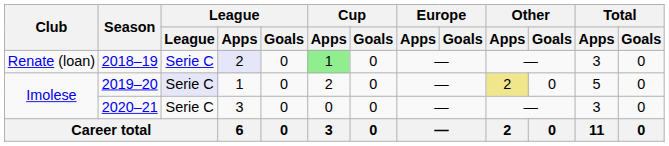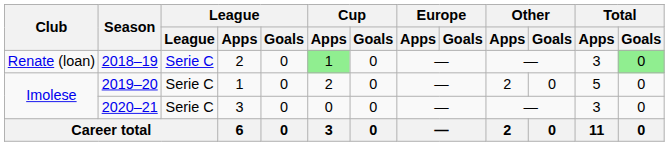 <table class="wikitable" style="text-align: center;">
 <tr>
 <th rowspan="2">Club</th>
 <th rowspan="2">Season</th>
 <th colspan="3">League</th>
 <th colspan="2">Cup</th>
 <th colspan="2">Europe</th>
 <th colspan="2">Other</th>
 <th colspan="2">Total</th>
 </tr>
 <tr>
 <th>League</th>
 <th>Apps</th>
 <th>Goals</th>
 <th>Apps</th>
 <th>Goals</th>
 <th>Apps</th>
 <th>Goals</th>
 <th>Apps</th>
 <th>Goals</th>
 <th>Apps</th>
 <th>Goals</th>
 </tr>
 <tr>
 <td><a href='#'>Renate</a> (loan)</td>
 <td><a href='#'>2018–19</a></td>
 <td><a href='#'>Serie C</a></td>
-<td style="background: lavender;">2</td>
+<td>2</td>
 <td>0</td>
 <td style="background: lightgreen;">1</td>
 <td>0</td>
 <td colspan="2">—</td>
 <td colspan="2">—</td>
 <td>3</td>
-<td>0</td>
+<td style="background: lightgreen;">0</td>
 </tr>
 <tr>
 <td rowspan="2"><a href='#'>Imolese</a></td>
 <td><a href='#'>2019–20</a></td>
-<td style="background: lavender;">Serie C</td>
+<td>Serie C</td>
 <td>1</td>
 <td>0</td>
 <td>2</td>
 <td>0</td>
 <td colspan="2">—</td>
-<td style="background: khaki;">2</td>
+<td>2</td>
 <td>0</td>
 <td>5</td>
 <td>0</td>
 </tr>
 <tr>
 <td><a href='#'>2020–21</a></td>
 <td>Serie C</td>
 <td>3</td>
 <td>0</td>
 <td>0</td>
 <td>0</td>
 <td colspan="2">—</td>
 <td colspan="2">—</td>
 <td>3</td>
 <td>0</td>
 </tr>
 <tr>
 <th colspan="3">Career total</th>
 <th>6</th>
 <th>0</th>
 <th>3</th>
 <th>0</th>
 <th colspan="2">—</th>
 <th>2</th>
 <th>0</th>
 <th>11</th>
 <th>0</th>
 </tr>
 </table>
